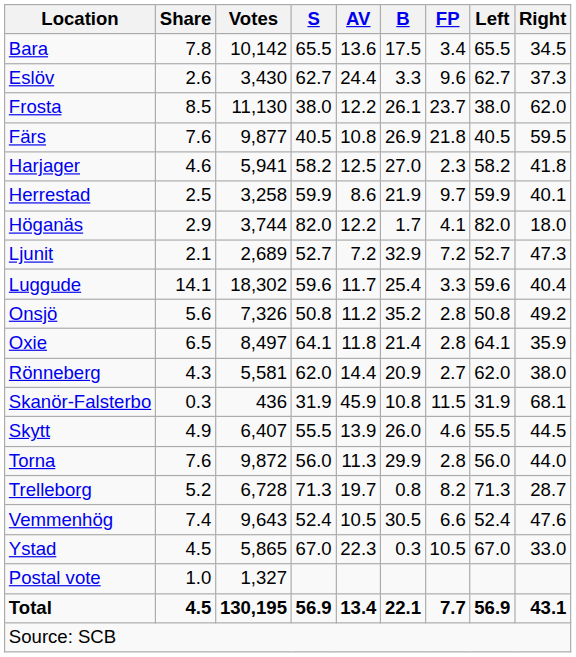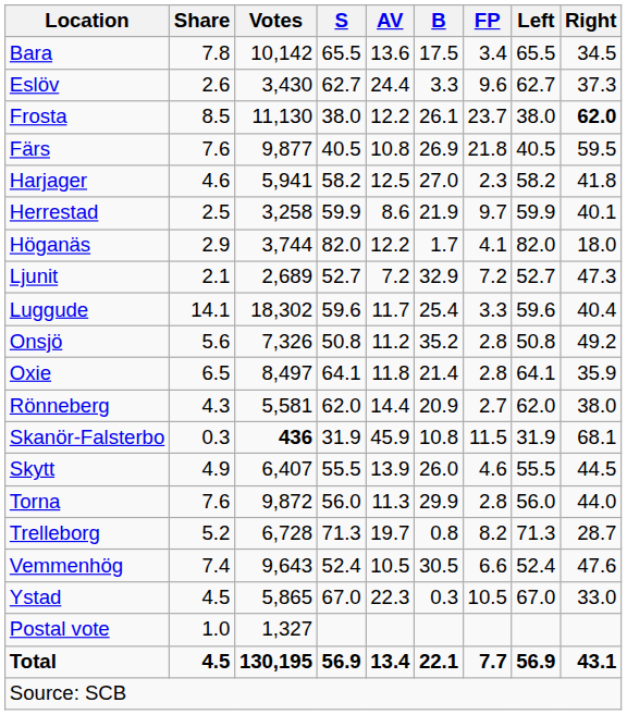 <table class="wikitable sortable" style=text-align:right>
 <tr>
 <th>Location</th>
 <th>Share</th>
 <th>Votes</th>
 <th><a href='#'>S</a></th>
 <th><a href='#'>AV</a></th>
 <th><a href='#'>B</a></th>
 <th><a href='#'>FP</a></th>
 <th>Left</th>
 <th>Right</th>
 </tr>
 <tr>
 <td align=left><a href='#'>Bara</a></td>
 <td>7.8</td>
 <td>10,142</td>
 <td>65.5</td>
 <td>13.6</td>
 <td>17.5</td>
 <td>3.4</td>
 <td>65.5</td>
 <td>34.5</td>
 </tr>
 <tr>
 <td align=left><a href='#'>Eslöv</a></td>
 <td>2.6</td>
 <td>3,430</td>
 <td>62.7</td>
 <td>24.4</td>
 <td>3.3</td>
 <td>9.6</td>
 <td>62.7</td>
 <td>37.3</td>
 </tr>
 <tr>
 <td align=left><a href='#'>Frosta</a></td>
 <td>8.5</td>
 <td>11,130</td>
 <td>38.0</td>
 <td>12.2</td>
 <td>26.1</td>
 <td>23.7</td>
 <td>38.0</td>
-<td>62.0</td>
+<td><strong>62.0</strong></td>
 </tr>
 <tr>
 <td align=left><a href='#'>Färs</a></td>
 <td>7.6</td>
 <td>9,877</td>
 <td>40.5</td>
 <td>10.8</td>
 <td>26.9</td>
 <td>21.8</td>
 <td>40.5</td>
 <td>59.5</td>
 </tr>
 <tr>
 <td align=left><a href='#'>Harjager</a></td>
 <td>4.6</td>
 <td>5,941</td>
 <td>58.2</td>
 <td>12.5</td>
 <td>27.0</td>
 <td>2.3</td>
 <td>58.2</td>
 <td>41.8</td>
 </tr>
 <tr>
 <td align=left><a href='#'>Herrestad</a></td>
 <td>2.5</td>
 <td>3,258</td>
 <td>59.9</td>
 <td>8.6</td>
 <td>21.9</td>
 <td>9.7</td>
 <td>59.9</td>
 <td>40.1</td>
 </tr>
 <tr>
 <td align=left><a href='#'>Höganäs</a></td>
 <td>2.9</td>
 <td>3,744</td>
 <td>82.0</td>
 <td>12.2</td>
 <td>1.7</td>
 <td>4.1</td>
 <td>82.0</td>
 <td>18.0</td>
 </tr>
 <tr>
 <td align=left><a href='#'>Ljunit</a></td>
 <td>2.1</td>
 <td>2,689</td>
 <td>52.7</td>
 <td>7.2</td>
 <td>32.9</td>
 <td>7.2</td>
 <td>52.7</td>
 <td>47.3</td>
 </tr>
 <tr>
 <td align=left><a href='#'>Luggude</a></td>
 <td>14.1</td>
 <td>18,302</td>
 <td>59.6</td>
 <td>11.7</td>
 <td>25.4</td>
 <td>3.3</td>
 <td>59.6</td>
 <td>40.4</td>
 </tr>
 <tr>
 <td align=left><a href='#'>Onsjö</a></td>
 <td>5.6</td>
 <td>7,326</td>
 <td>50.8</td>
 <td>11.2</td>
 <td>35.2</td>
 <td>2.8</td>
 <td>50.8</td>
 <td>49.2</td>
 </tr>
 <tr>
 <td align=left><a href='#'>Oxie</a></td>
 <td>6.5</td>
 <td>8,497</td>
 <td>64.1</td>
 <td>11.8</td>
 <td>21.4</td>
 <td>2.8</td>
 <td>64.1</td>
 <td>35.9</td>
 </tr>
 <tr>
 <td align=left><a href='#'>Rönneberg</a></td>
 <td>4.3</td>
 <td>5,581</td>
 <td>62.0</td>
 <td>14.4</td>
 <td>20.9</td>
 <td>2.7</td>
 <td>62.0</td>
 <td>38.0</td>
 </tr>
 <tr>
 <td align=left><a href='#'>Skanör-Falsterbo</a></td>
 <td>0.3</td>
-<td>436</td>
+<td><strong>436</strong></td>
 <td>31.9</td>
 <td>45.9</td>
 <td>10.8</td>
 <td>11.5</td>
 <td>31.9</td>
 <td>68.1</td>
 </tr>
 <tr>
 <td align=left><a href='#'>Skytt</a></td>
 <td>4.9</td>
 <td>6,407</td>
 <td>55.5</td>
 <td>13.9</td>
 <td>26.0</td>
 <td>4.6</td>
 <td>55.5</td>
 <td>44.5</td>
 </tr>
 <tr>
 <td align=left><a href='#'>Torna</a></td>
 <td>7.6</td>
 <td>9,872</td>
 <td>56.0</td>
 <td>11.3</td>
 <td>29.9</td>
 <td>2.8</td>
 <td>56.0</td>
 <td>44.0</td>
 </tr>
 <tr>
 <td align=left><a href='#'>Trelleborg</a></td>
 <td>5.2</td>
 <td>6,728</td>
 <td>71.3</td>
 <td>19.7</td>
 <td>0.8</td>
 <td>8.2</td>
 <td>71.3</td>
 <td>28.7</td>
 </tr>
 <tr>
 <td align=left><a href='#'>Vemmenhög</a></td>
 <td>7.4</td>
 <td>9,643</td>
 <td>52.4</td>
 <td>10.5</td>
 <td>30.5</td>
 <td>6.6</td>
 <td>52.4</td>
 <td>47.6</td>
 </tr>
 <tr>
 <td align=left><a href='#'>Ystad</a></td>
 <td>4.5</td>
 <td>5,865</td>
 <td>67.0</td>
 <td>22.3</td>
 <td>0.3</td>
 <td>10.5</td>
 <td>67.0</td>
 <td>33.0</td>
 </tr>
 <tr>
 <td align=left><a href='#'>Postal vote</a></td>
 <td>1.0</td>
 <td>1,327</td>
 <td></td>
 <td></td>
 <td></td>
 <td></td>
 <td></td>
 <td></td>
 </tr>
 <tr>
 <td align=left><strong>Total</strong></td>
 <td><strong>4.5</strong></td>
 <td><strong>130,195</strong></td>
 <td><strong>56.9</strong></td>
 <td><strong>13.4</strong></td>
 <td><strong>22.1</strong></td>
 <td><strong>7.7</strong></td>
 <td><strong>56.9</strong></td>
 <td><strong>43.1</strong></td>
 </tr>
 <tr>
 <td align=left colspan=9>Source: SCB </td>
 </tr>
 </table>
